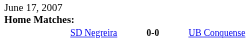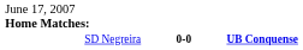 <table width=100% cellspacing=1>
 <tr>
 <th width=20%></th>
 <th width=12%></th>
 <th width=20%></th>
 <th></th>
 </tr>
 <tr>
 <td>June 17, 2007<br><strong>Home Matches:</strong></td>
 </tr>
 <tr style=font-size:90%>
 <td align=right><a href='#'>SD Negreira</a></td>
 <td align=center><strong>0-0</strong></td>
-<td><a href='#'>UB Conquense</a></td>
+<td><strong><a href='#'>UB Conquense</a></strong></td>
 </tr>
 </table>
